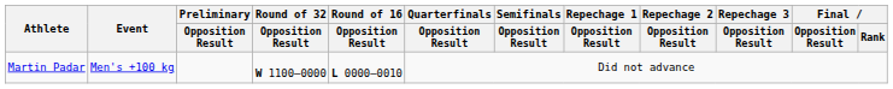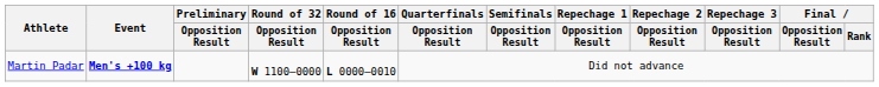 <table class="wikitable" style="font-size:90%">
 <tr>
 <th rowspan="2">Athlete</th>
 <th rowspan="2">Event</th>
 <th>Preliminary</th>
 <th>Round of 32</th>
 <th>Round of 16</th>
 <th>Quarterfinals</th>
 <th>Semifinals</th>
 <th>Repechage 1</th>
 <th>Repechage 2</th>
 <th>Repechage 3</th>
 <th colspan=2>Final / </th>
 </tr>
 <tr style="font-size:95%">
 <th>Opposition<br>Result</th>
 <th>Opposition<br>Result</th>
 <th>Opposition<br>Result</th>
 <th>Opposition<br>Result</th>
 <th>Opposition<br>Result</th>
 <th>Opposition<br>Result</th>
 <th>Opposition<br>Result</th>
 <th>Opposition<br>Result</th>
 <th>Opposition<br>Result</th>
 <th>Rank</th>
 </tr>
 <tr align=center>
 <td align=left><a href='#'>Martin Padar</a></td>
-<td align=left><a href='#'>Men's +100 kg</a></td>
+<td align=left><strong><a href='#'>Men's +100 kg</a></strong></td>
 <td></td>
 <td><br><strong>W</strong> 1100–0000</td>
 <td><br><strong>L</strong> 0000–0010</td>
 <td colspan=7>Did not advance</td>
 </tr>
 </table>
